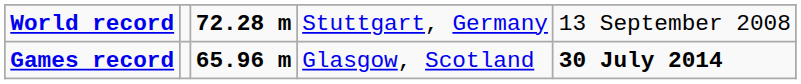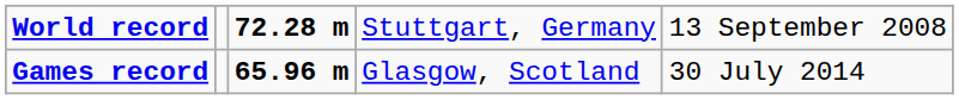 <table class="wikitable">
 <tr>
 <td><a href='#'><strong>World record</strong></a></td>
 <td></td>
 <td><strong>72.28 m</strong></td>
 <td><a href='#'>Stuttgart</a>, <a href='#'>Germany</a></td>
 <td>13 September 2008</td>
 </tr>
 <tr>
 <td><a href='#'><strong>Games record</strong></a></td>
 <td></td>
 <td><strong>65.96 m</strong></td>
 <td><a href='#'>Glasgow</a>, <a href='#'>Scotland</a></td>
-<td><strong>30 July 2014</strong></td>
+<td>30 July 2014</td>
 </tr>
 </table>
